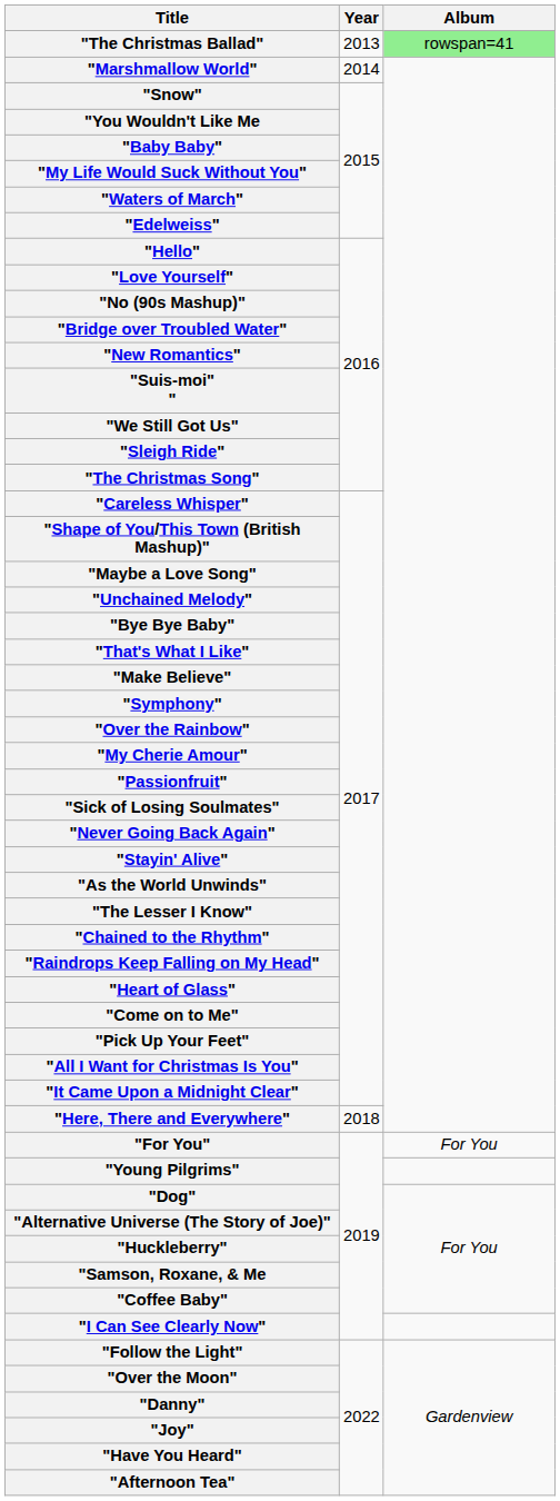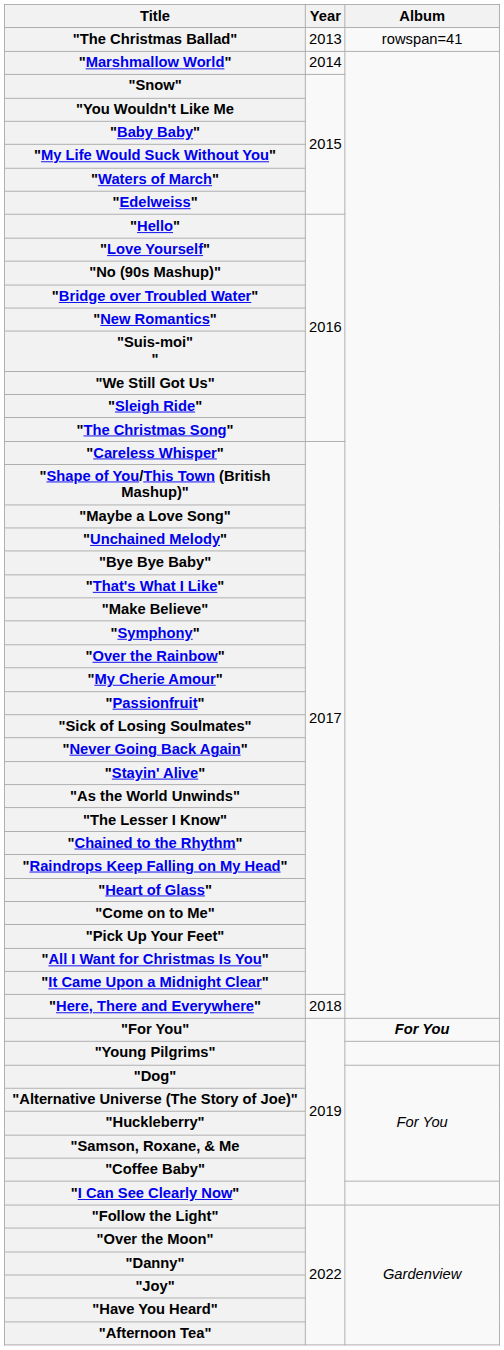 <table class="wikitable plainrowheaders" style="text-align:center;">
 <tr>
 <th rowspan="1" style="width:20em;">Title</th>
 <th rowspan="1" style="width:1em;">Year</th>
 <th rowspan="1" style="width:10em;">Album</th>
 </tr>
 <tr>
 <th scope="row">"The Christmas Ballad"</th>
 <td>2013</td>
-<td style="background: lightgreen;">rowspan=41 </td>
+<td>rowspan=41 </td>
 </tr>
 <tr>
 <th scope="row">"<a href='#'>Marshmallow World</a>" <br></th>
 <td>2014</td>
 </tr>
 <tr>
 <th scope="row">"Snow"</th>
 <td rowspan=6>2015</td>
 </tr>
 <tr>
 <th scope="row">"You Wouldn't Like Me</th>
 </tr>
 <tr>
 <th scope="row">"<a href='#'>Baby Baby</a>"</th>
 </tr>
 <tr>
 <th scope="row">"<a href='#'>My Life Would Suck Without You</a>"</th>
 </tr>
 <tr>
 <th scope="row">"<a href='#'>Waters of March</a>" <br></th>
 </tr>
 <tr>
 <th scope="row">"<a href='#'>Edelweiss</a>"</th>
 </tr>
 <tr>
 <th scope="row">"<a href='#'>Hello</a>"</th>
 <td rowspan=9>2016</td>
 </tr>
 <tr>
 <th scope="row">"<a href='#'>Love Yourself</a>"</th>
 </tr>
 <tr>
 <th scope="row">"No (90s Mashup)" <br></th>
 </tr>
 <tr>
 <th scope="row">"<a href='#'>Bridge over Troubled Water</a>"</th>
 </tr>
 <tr>
 <th scope="row">"<a href='#'>New Romantics</a>" <br></th>
 </tr>
 <tr>
 <th scope="row">"Suis-moi" <br>"</th>
 </tr>
 <tr>
 <th scope="row">"We Still Got Us" <br></th>
 </tr>
 <tr>
 <th scope="row">"<a href='#'>Sleigh Ride</a>" <br></th>
 </tr>
 <tr>
 <th scope="row">"<a href='#'>The Christmas Song</a>" <br></th>
 </tr>
 <tr>
 <th scope="row">"<a href='#'>Careless Whisper</a>"</th>
 <td rowspan=23>2017</td>
 </tr>
 <tr>
 <th scope="row">"<a href='#'>Shape of You</a>/<a href='#'>This Town</a> (British Mashup)"</th>
 </tr>
 <tr>
 <th scope="row">"Maybe a Love Song"</th>
 </tr>
 <tr>
 <th scope="row">"<a href='#'>Unchained Melody</a>" <br></th>
 </tr>
 <tr>
 <th scope="row">"Bye Bye Baby"</th>
 </tr>
 <tr>
 <th scope="row">"<a href='#'>That's What I Like</a>"</th>
 </tr>
 <tr>
 <th scope="row">"Make Believe"</th>
 </tr>
 <tr>
 <th scope="row">"<a href='#'>Symphony</a>" <br></th>
 </tr>
 <tr>
 <th scope="row">"<a href='#'>Over the Rainbow</a>" <br></th>
 </tr>
 <tr>
 <th scope="row">"<a href='#'>My Cherie Amour</a>"</th>
 </tr>
 <tr>
 <th scope="row">"<a href='#'>Passionfruit</a>" <br></th>
 </tr>
 <tr>
 <th scope="row">"Sick of Losing Soulmates" <br></th>
 </tr>
 <tr>
 <th scope="row">"<a href='#'>Never Going Back Again</a>" <br></th>
 </tr>
 <tr>
 <th scope="row">"<a href='#'>Stayin' Alive</a>"</th>
 </tr>
 <tr>
 <th scope="row">"As the World Unwinds" <br></th>
 </tr>
 <tr>
 <th scope="row">"The Lesser I Know" <br></th>
 </tr>
 <tr>
 <th scope="row">"<a href='#'>Chained to the Rhythm</a>" <br></th>
 </tr>
 <tr>
 <th scope="row">"<a href='#'>Raindrops Keep Falling on My Head</a>" <br></th>
 </tr>
 <tr>
 <th scope="row">"<a href='#'>Heart of Glass</a>"</th>
 </tr>
 <tr>
 <th scope="row">"Come on to Me" <br></th>
 </tr>
 <tr>
 <th scope="row">"Pick Up Your Feet"</th>
 </tr>
 <tr>
 <th scope="row">"<a href='#'>All I Want for Christmas Is You</a>" <br></th>
 </tr>
 <tr>
 <th scope="row">"<a href='#'>It Came Upon a Midnight Clear</a>"</th>
 </tr>
 <tr>
 <th scope="row">"<a href='#'>Here, There and Everywhere</a>"</th>
 <td>2018</td>
 </tr>
 <tr>
 <th scope="row">"For You"</th>
 <td rowspan=8>2019</td>
-<td><em>For You</em></td>
+<td><strong><em>For You</em></strong></td>
 </tr>
 <tr>
 <th scope="row">"Young Pilgrims"</th>
 <td></td>
 </tr>
 <tr>
 <th scope="row">"Dog"</th>
 <td rowspan=5><em>For You</em></td>
 </tr>
 <tr>
 <th scope="row">"Alternative Universe (The Story of Joe)"</th>
 </tr>
 <tr>
 <th scope="row">"Huckleberry"</th>
 </tr>
 <tr>
 <th scope="row">"Samson, Roxane, & Me</th>
 </tr>
 <tr>
 <th scope="row">"Coffee Baby"</th>
 </tr>
 <tr>
 <th scope="row">"<a href='#'>I Can See Clearly Now</a>"</th>
 <td></td>
 </tr>
 <tr>
 <th scope="row">"Follow the Light"</th>
 <td rowspan=6>2022</td>
 <td rowspan=6><em>Gardenview</em></td>
 </tr>
 <tr>
 <th scope="row">"Over the Moon"</th>
 </tr>
 <tr>
 <th scope="row">"Danny"</th>
 </tr>
 <tr>
 <th scope="row">"Joy"</th>
 </tr>
 <tr>
 <th scope="row">"Have You Heard"</th>
 </tr>
 <tr>
 <th scope="row">"Afternoon Tea"</th>
 </tr>
 </table>
